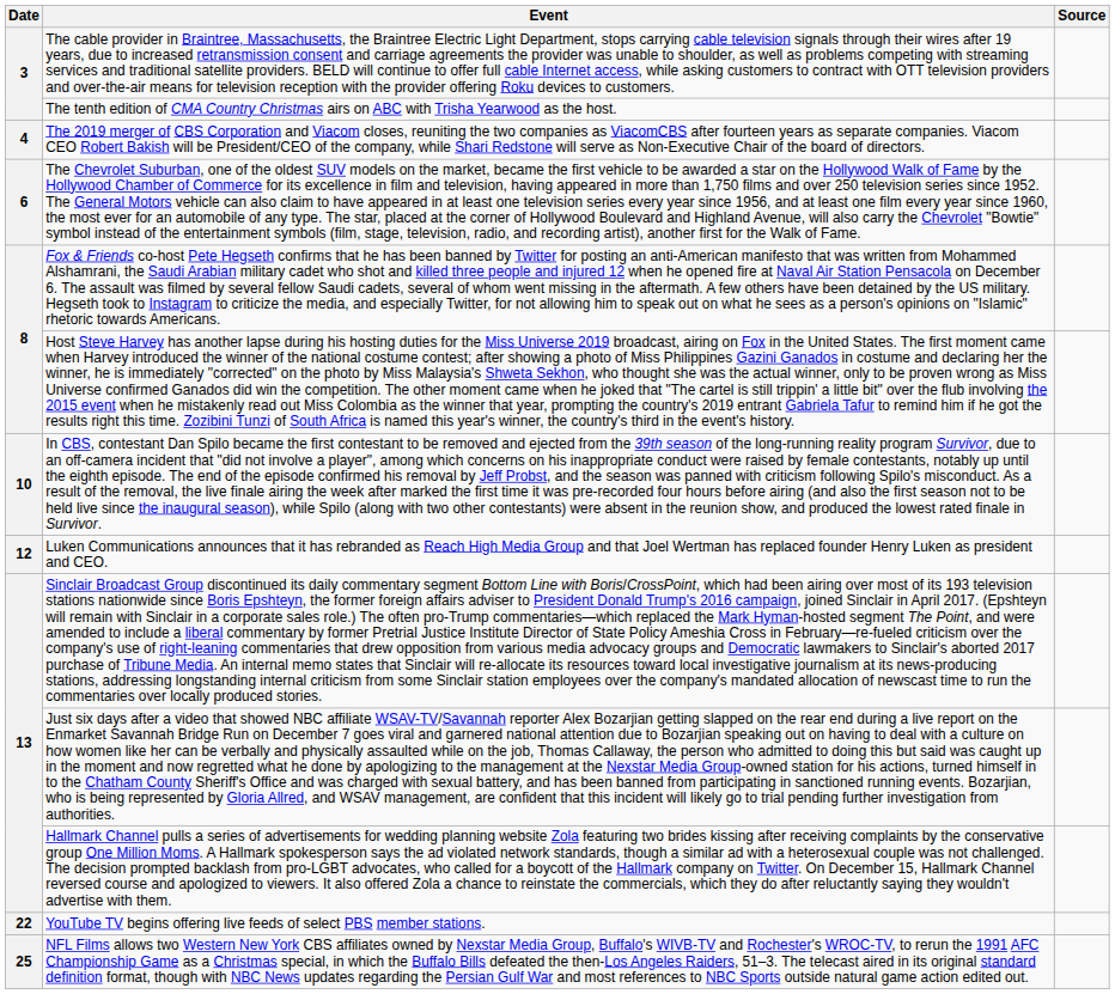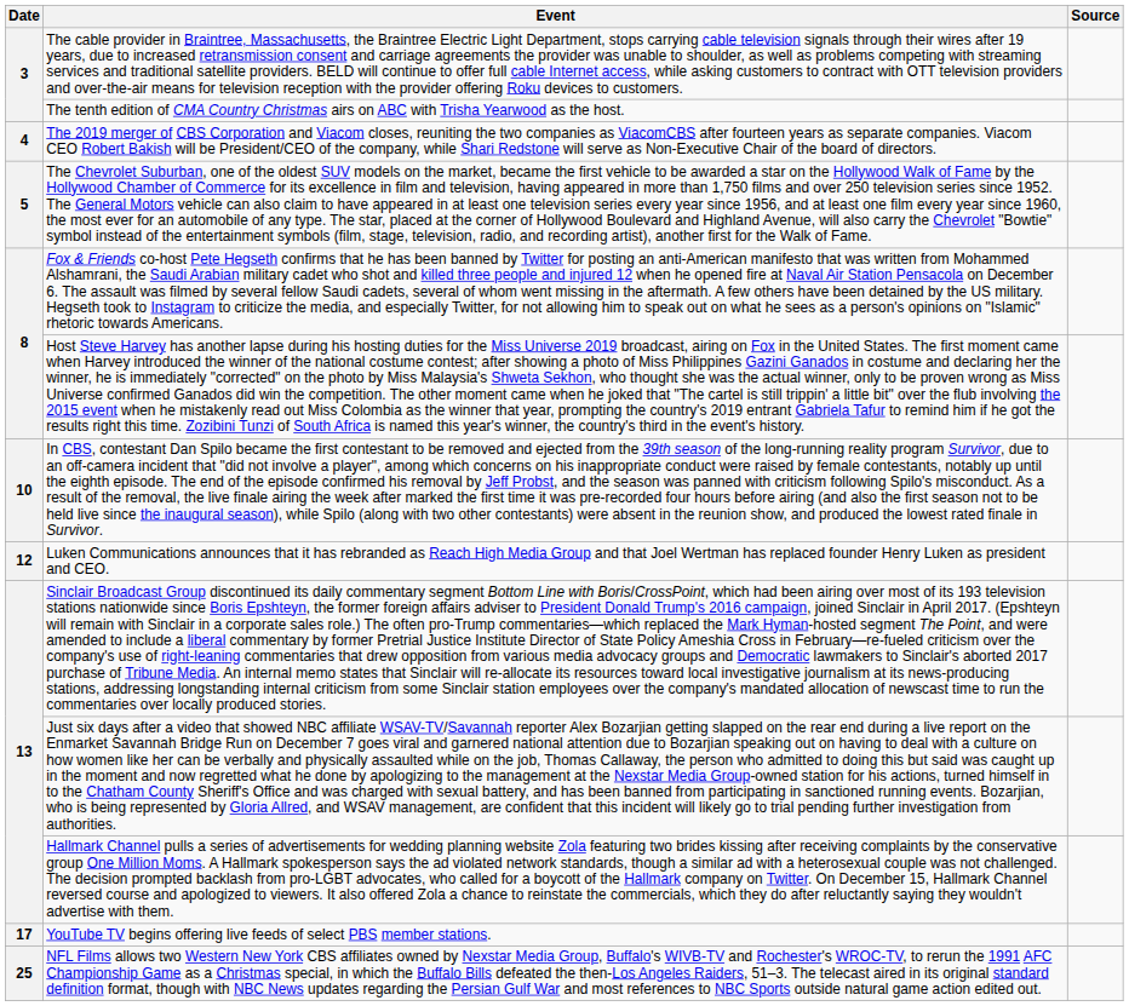 <table class="wikitable">
 <tr>
 <th>Date</th>
 <th>Event</th>
 <th>Source</th>
 </tr>
 <tr>
 <th rowspan=2>3</th>
 <td>The cable provider in <a href='#'>Braintree, Massachusetts</a>, the Braintree Electric Light Department, stops carrying <a href='#'>cable television</a> signals through their wires after 19 years, due to increased <a href='#'>retransmission consent</a> and carriage agreements the provider was unable to shoulder, as well as problems competing with streaming services and traditional satellite providers. BELD will continue to offer full <a href='#'>cable Internet access</a>, while asking customers to contract with OTT television providers and over-the-air means for television reception with the provider offering <a href='#'>Roku</a> devices to customers.</td>
 <td></td>
 </tr>
 <tr>
 <td>The tenth edition of <em><a href='#'>CMA Country Christmas</a></em> airs on <a href='#'>ABC</a> with <a href='#'>Trisha Yearwood</a> as the host.</td>
 <td></td>
 </tr>
 <tr>
 <th>4</th>
 <td><a href='#'>The 2019 merger of</a> <a href='#'>CBS Corporation</a> and <a href='#'>Viacom</a> closes, reuniting the two companies as <a href='#'>ViacomCBS</a> after fourteen years as separate companies. Viacom CEO <a href='#'>Robert Bakish</a> will be President/CEO of the company, while <a href='#'>Shari Redstone</a> will serve as Non-Executive Chair of the board of directors.</td>
 <td></td>
 </tr>
 <tr>
-<th>6</th>
+<th>5</th>
 <td>The <a href='#'>Chevrolet Suburban</a>, one of the oldest <a href='#'>SUV</a> models on the market, became the first vehicle to be awarded a star on the <a href='#'>Hollywood Walk of Fame</a> by the <a href='#'>Hollywood Chamber of Commerce</a> for its excellence in film and television, having appeared in more than 1,750 films and over 250 television series since 1952. The <a href='#'>General Motors</a> vehicle can also claim to have appeared in at least one television series every year since 1956, and at least one film every year since 1960, the most ever for an automobile of any type. The star, placed at the corner of Hollywood Boulevard and Highland Avenue, will also carry the <a href='#'>Chevrolet</a> "Bowtie" symbol instead of the entertainment symbols (film, stage, television, radio, and recording artist), another first for the Walk of Fame.</td>
 <td></td>
 </tr>
 <tr>
 <th rowspan=2>8</th>
 <td><em><a href='#'>Fox & Friends</a></em> co-host <a href='#'>Pete Hegseth</a> confirms that he has been banned by <a href='#'>Twitter</a> for posting an anti-American manifesto that was written from Mohammed Alshamrani, the <a href='#'>Saudi Arabian</a> military cadet who shot and <a href='#'>killed three people and injured 12</a> when he opened fire at <a href='#'>Naval Air Station Pensacola</a> on December 6. The assault was filmed by several fellow Saudi cadets, several of whom went missing in the aftermath. A few others have been detained by the US military. Hegseth took to <a href='#'>Instagram</a> to criticize the media, and especially Twitter, for not allowing him to speak out on what he sees as a person's opinions on "Islamic" rhetoric towards Americans.</td>
 <td></td>
 </tr>
 <tr>
 <td>Host <a href='#'>Steve Harvey</a> has another lapse during his hosting duties for the <a href='#'>Miss Universe 2019</a> broadcast, airing on <a href='#'>Fox</a> in the United States. The first moment came when Harvey introduced the winner of the national costume contest; after showing a photo of Miss Philippines <a href='#'>Gazini Ganados</a> in costume and declaring her the winner, he is immediately "corrected" on the photo by Miss Malaysia's <a href='#'>Shweta Sekhon</a>, who thought she was the actual winner, only to be proven wrong as Miss Universe confirmed Ganados did win the competition. The other moment came when he joked that "The cartel is still trippin' a little bit" over the flub involving <a href='#'>the 2015 event</a> when he mistakenly read out Miss Colombia as the winner that year, prompting the country's 2019 entrant <a href='#'>Gabriela Tafur</a> to remind him if he got the results right this time. <a href='#'>Zozibini Tunzi</a> of <a href='#'>South Africa</a> is named this year's winner, the country's third in the event's history.</td>
 <td></td>
 </tr>
 <tr>
 <th>10</th>
 <td>In <a href='#'>CBS</a>, contestant Dan Spilo became the first contestant to be removed and ejected from the <em><a href='#'>39th season</a></em> of the long-running reality program <em><a href='#'>Survivor</a></em>, due to an off-camera incident that "did not involve a player", among which concerns on his inappropriate conduct were raised by female contestants, notably up until the eighth episode. The end of the episode confirmed his removal by <a href='#'>Jeff Probst</a>, and the season was panned with criticism following Spilo's misconduct. As a result of the removal, the live finale airing the week after marked the first time it was pre-recorded four hours before airing (and also the first season not to be held live since <a href='#'>the inaugural season</a>), while Spilo (along with two other contestants) were absent in the reunion show, and produced the lowest rated finale in <em>Survivor</em>.</td>
 <td><br></td>
 </tr>
 <tr>
 <th>12</th>
 <td>Luken Communications announces that it has rebranded as <a href='#'>Reach High Media Group</a> and that Joel Wertman has replaced founder Henry Luken as president and CEO.</td>
 <td></td>
 </tr>
 <tr>
 <th rowspan=3>13</th>
 <td><a href='#'>Sinclair Broadcast Group</a> discontinued its daily commentary segment <em>Bottom Line with Boris</em>/<em>CrossPoint</em>, which had been airing over most of its 193 television stations nationwide since <a href='#'>Boris Epshteyn</a>, the former foreign affairs adviser to <a href='#'>President Donald Trump's 2016 campaign</a>, joined Sinclair in April 2017. (Epshteyn will remain with Sinclair in a corporate sales role.) The often pro-Trump commentaries—which replaced the <a href='#'>Mark Hyman</a>-hosted segment <em>The Point</em>, and were amended to include a <a href='#'>liberal</a> commentary by former Pretrial Justice Institute Director of State Policy Ameshia Cross in February—re-fueled criticism over the company's use of <a href='#'>right-leaning</a> commentaries that drew opposition from various media advocacy groups and <a href='#'>Democratic</a> lawmakers to Sinclair's aborted 2017 purchase of <a href='#'>Tribune Media</a>. An internal memo states that Sinclair will re-allocate its resources toward local investigative journalism at its news-producing stations, addressing longstanding internal criticism from some Sinclair station employees over the company's mandated allocation of newscast time to run the commentaries over locally produced stories.</td>
 <td><br></td>
 </tr>
 <tr>
 <td>Just six days after a video that showed NBC affiliate <a href='#'>WSAV-TV</a>/<a href='#'>Savannah</a> reporter Alex Bozarjian getting slapped on the rear end during a live report on the Enmarket Savannah Bridge Run on December 7 goes viral and garnered national attention due to Bozarjian speaking out on having to deal with a culture on how women like her can be verbally and physically assaulted while on the job, Thomas Callaway, the person who admitted to doing this but said was caught up in the moment and now regretted what he done by apologizing to the management at the <a href='#'>Nexstar Media Group</a>-owned station for his actions, turned himself in to the <a href='#'>Chatham County</a> Sheriff's Office and was charged with sexual battery, and has been banned from participating in sanctioned running events. Bozarjian, who is being represented by <a href='#'>Gloria Allred</a>, and WSAV management, are confident that this incident will likely go to trial pending further investigation from authorities.</td>
 <td></td>
 </tr>
 <tr>
 <td><a href='#'>Hallmark Channel</a> pulls a series of advertisements for wedding planning website <a href='#'>Zola</a> featuring two brides kissing after receiving complaints by the conservative group <a href='#'>One Million Moms</a>. A Hallmark spokesperson says the ad violated network standards, though a similar ad with a heterosexual couple was not challenged. The decision prompted backlash from pro-LGBT advocates, who called for a boycott of the <a href='#'>Hallmark</a> company on <a href='#'>Twitter</a>. On December 15, Hallmark Channel reversed course and apologized to viewers. It also offered Zola a chance to reinstate the commercials, which they do after reluctantly saying they wouldn't advertise with them.</td>
 <td></td>
 </tr>
 <tr>
-<th>22</th>
+<th>17</th>
 <td><a href='#'>YouTube TV</a> begins offering live feeds of select <a href='#'>PBS</a> <a href='#'>member stations</a>.</td>
 <td></td>
 </tr>
 <tr>
 <th>25</th>
 <td><a href='#'>NFL Films</a> allows two <a href='#'>Western New York</a> CBS affiliates owned by <a href='#'>Nexstar Media Group</a>, <a href='#'>Buffalo</a>'s <a href='#'>WIVB-TV</a> and <a href='#'>Rochester</a>'s <a href='#'>WROC-TV</a>, to rerun the <a href='#'>1991</a> <a href='#'>AFC Championship Game</a> as a <a href='#'>Christmas</a> special, in which the <a href='#'>Buffalo Bills</a> defeated the then-<a href='#'>Los Angeles Raiders</a>, 51–3. The telecast aired in its original <a href='#'>standard definition</a> format, though with <a href='#'>NBC News</a> updates regarding the <a href='#'>Persian Gulf War</a> and most references to <a href='#'>NBC Sports</a> outside natural game action edited out.</td>
 <td></td>
 </tr>
 </table>
